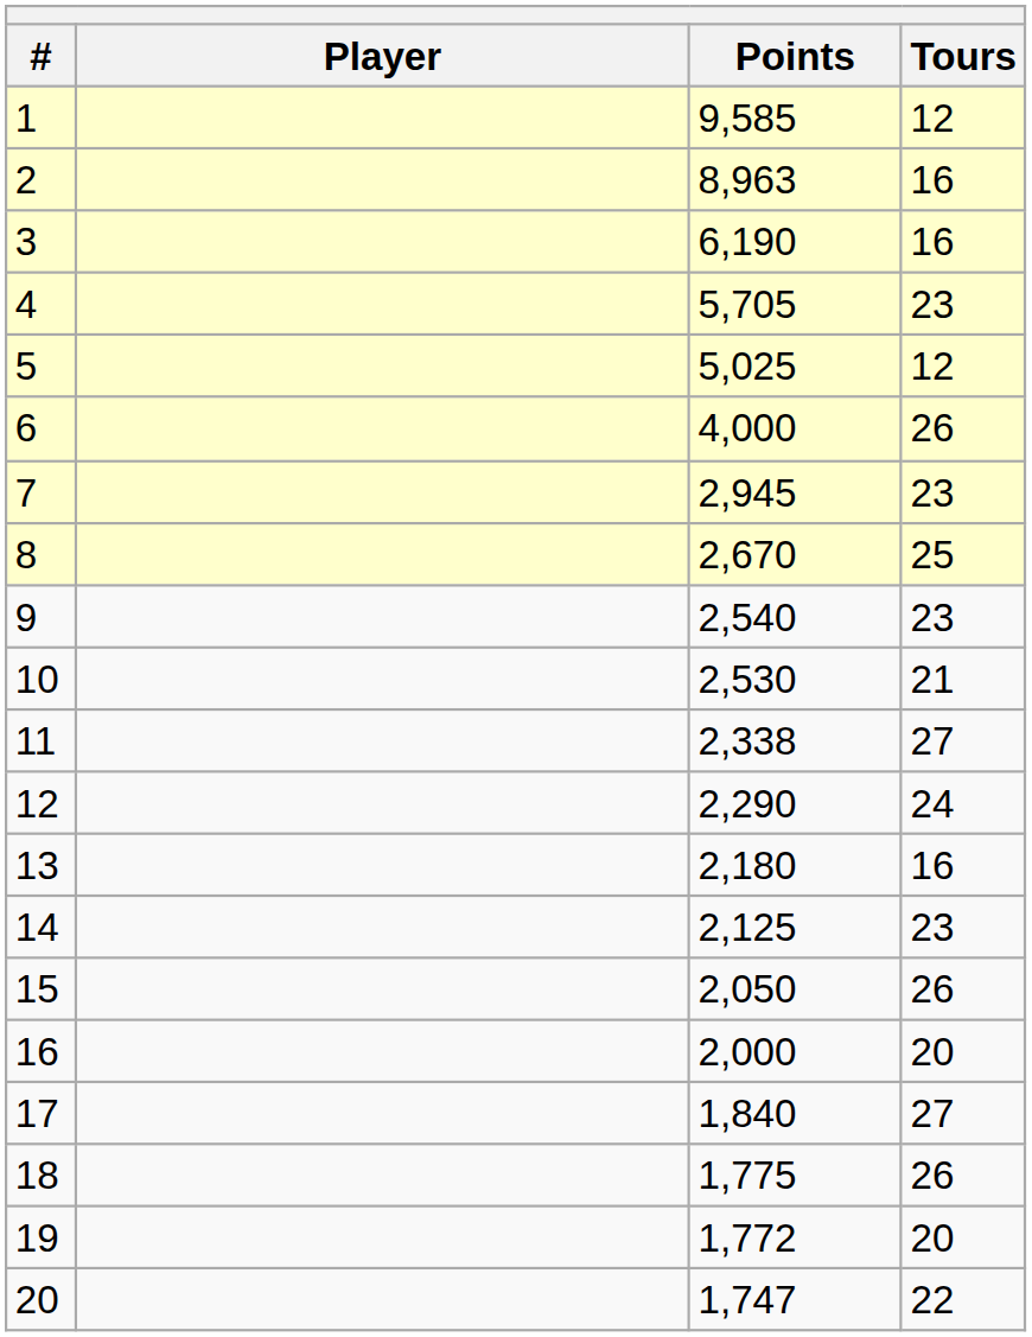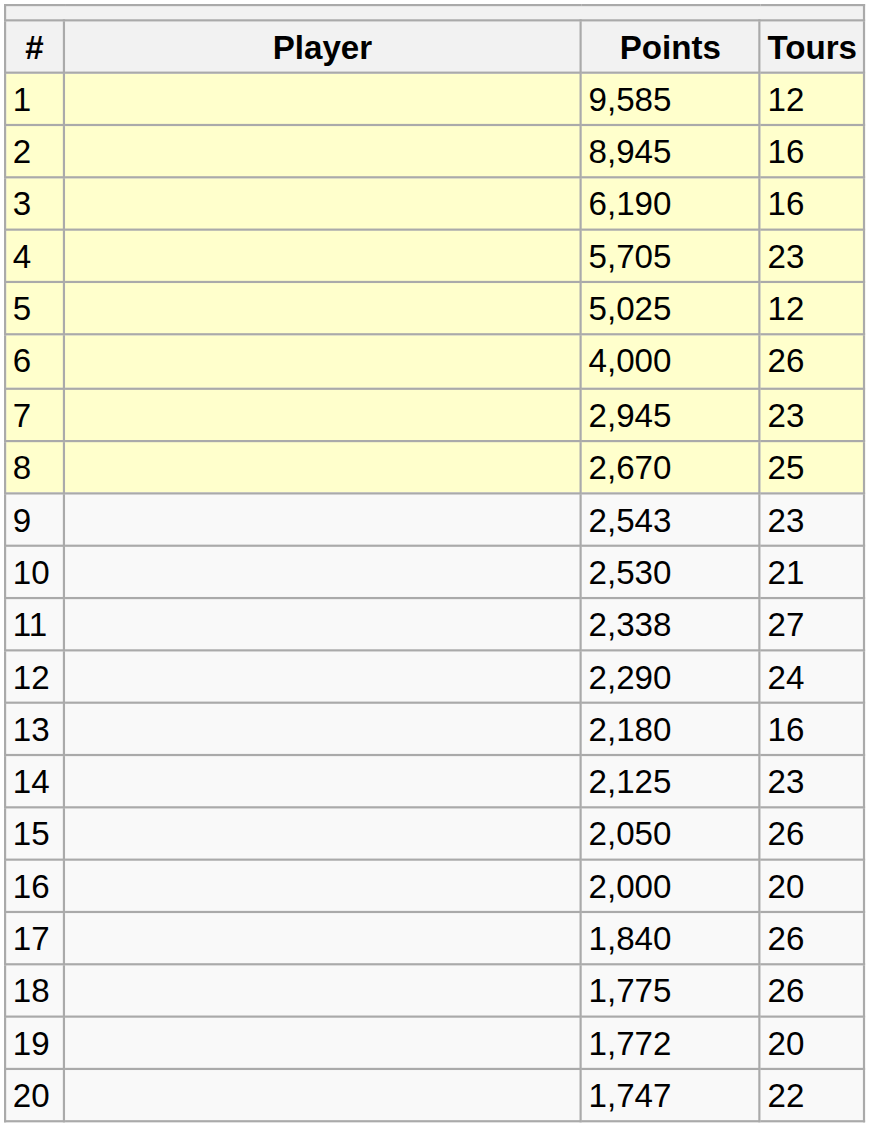 <table class="wikitable" style="font-size:95%">
 <tr>
 <th colspan="5"></th>
 </tr>
 <tr>
 <th width="20">#</th>
 <th width="230">Player</th>
 <th width="75">Points</th>
 <th width="15">Tours</th>
 </tr>
 <tr bgcolor="#ffffcc">
 <td>1</td>
 <td align="left"></td>
 <td>9,585</td>
 <td>12</td>
 </tr>
 <tr bgcolor="#ffffcc">
 <td>2</td>
 <td align="left"></td>
-<td>8,963</td>
+<td>8,945</td>
 <td>16</td>
 </tr>
 <tr bgcolor="#ffffcc">
 <td>3</td>
 <td align="left"></td>
 <td>6,190</td>
 <td>16</td>
 </tr>
 <tr bgcolor="#ffffcc">
 <td>4</td>
 <td align="left"></td>
 <td>5,705</td>
 <td>23</td>
 </tr>
 <tr bgcolor="#ffffcc">
 <td>5</td>
 <td align="left"></td>
 <td>5,025</td>
 <td>12</td>
 </tr>
 <tr bgcolor="#ffffcc">
 <td>6</td>
 <td align="left"></td>
 <td>4,000</td>
 <td>26</td>
 </tr>
 <tr bgcolor="#ffffcc">
 <td>7</td>
 <td align="left"></td>
 <td>2,945</td>
 <td>23</td>
 </tr>
 <tr bgcolor="#ffffcc">
 <td>8</td>
 <td align="left"></td>
 <td>2,670</td>
 <td>25</td>
 </tr>
 <tr>
 <td>9</td>
 <td align="left"></td>
-<td>2,540</td>
+<td>2,543</td>
 <td>23</td>
 </tr>
 <tr>
 <td>10</td>
 <td align="left"></td>
 <td>2,530</td>
 <td>21</td>
 </tr>
 <tr>
 <td>11</td>
 <td align="left"></td>
 <td>2,338</td>
 <td>27</td>
 </tr>
 <tr>
 <td>12</td>
 <td align="left"></td>
 <td>2,290</td>
 <td>24</td>
 </tr>
 <tr>
 <td>13</td>
 <td align="left"></td>
 <td>2,180</td>
 <td>16</td>
 </tr>
 <tr>
 <td>14</td>
 <td align="left"></td>
 <td>2,125</td>
 <td>23</td>
 </tr>
 <tr>
 <td>15</td>
 <td align="left"></td>
 <td>2,050</td>
 <td>26</td>
 </tr>
 <tr>
 <td>16</td>
 <td align="left"></td>
 <td>2,000</td>
 <td>20</td>
 </tr>
 <tr>
 <td>17</td>
 <td align="left"></td>
 <td>1,840</td>
-<td>27</td>
+<td>26</td>
 </tr>
 <tr>
 <td>18</td>
 <td align="left"></td>
 <td>1,775</td>
 <td>26</td>
 </tr>
 <tr>
 <td>19</td>
 <td align="left"></td>
 <td>1,772</td>
 <td>20</td>
 </tr>
 <tr>
 <td>20</td>
 <td align="left"></td>
 <td>1,747</td>
 <td>22</td>
 </tr>
 </table>
